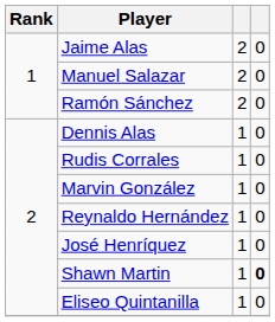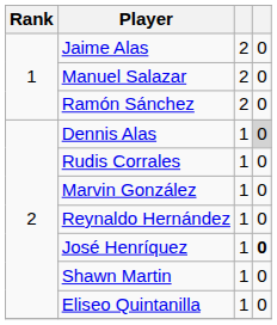 <table class="wikitable" border="1">
 <tr>
 <th>Rank</th>
 <th>Player</th>
 <th></th>
 <th></th>
 </tr>
 <tr>
 <td rowspan="3" align=center>1</td>
 <td><a href='#'>Jaime Alas</a></td>
 <td>2</td>
 <td>0</td>
 </tr>
 <tr>
 <td><a href='#'>Manuel Salazar</a></td>
 <td>2</td>
 <td>0</td>
 </tr>
 <tr>
 <td><a href='#'>Ramón Sánchez</a></td>
 <td>2</td>
 <td>0</td>
 </tr>
 <tr>
 <td rowspan="7" align=center>2</td>
 <td><a href='#'>Dennis Alas</a></td>
 <td>1</td>
-<td>0</td>
+<td style="background: lightgrey;">0</td>
 </tr>
 <tr>
 <td><a href='#'>Rudis Corrales</a></td>
 <td>1</td>
 <td>0</td>
 </tr>
 <tr>
 <td><a href='#'>Marvin González</a></td>
 <td>1</td>
 <td>0</td>
 </tr>
 <tr>
 <td><a href='#'>Reynaldo Hernández</a></td>
 <td>1</td>
 <td>0</td>
 </tr>
 <tr>
 <td><a href='#'>José Henríquez</a></td>
 <td>1</td>
-<td>0</td>
+<td><strong>0</strong></td>
 </tr>
 <tr>
 <td><a href='#'>Shawn Martin</a></td>
 <td>1</td>
-<td><strong>0</strong></td>
+<td>0</td>
 </tr>
 <tr>
 <td><a href='#'>Eliseo Quintanilla</a></td>
 <td>1</td>
 <td>0</td>
 </tr>
 <tr>
 </tr>
 </table>
